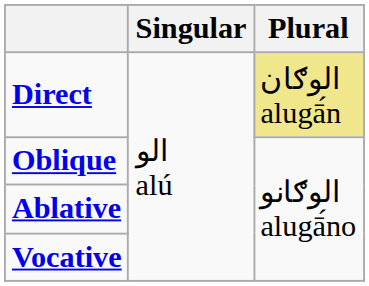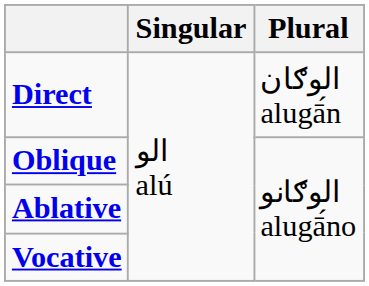 <table class="wikitable">
 <tr>
 <th></th>
 <th>Singular</th>
 <th>Plural</th>
 </tr>
 <tr>
 <td><strong><a href='#'>Direct</a></strong></td>
 <td rowspan="4">الو<br>alú</td>
-<td style="background: khaki;">الوګان<br>alugā́n</td>
+<td>الوګان<br>alugā́n</td>
 </tr>
 <tr>
 <td><strong><a href='#'>Oblique</a></strong></td>
 <td rowspan="3">الوګانو<br>alugā́no</td>
 </tr>
 <tr>
 <td><strong><a href='#'>Ablative</a></strong></td>
 </tr>
 <tr>
 <td><strong><a href='#'>Vocative</a></strong></td>
 </tr>
 </table>
